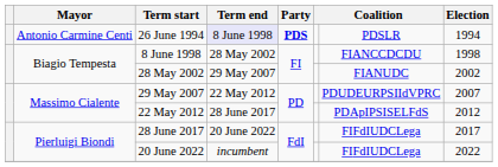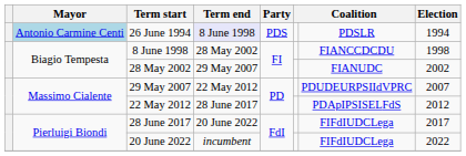 <table class="wikitable" style="text-align: center;">
 <tr>
 <th class=unsortable> </th>
 <th>Mayor</th>
 <th>Term start</th>
 <th>Term end</th>
 <th>Party</th>
 <th colspan="2">Coalition</th>
 <th>Election</th>
 </tr>
 <tr>
 <th style="background:"></th>
-<td><a href='#'>Antonio Carmine Centi</a></td>
+<td style="background: lightblue;"><a href='#'>Antonio Carmine Centi</a></td>
 <td>26 June 1994</td>
 <td style="background: lavender;">8 June 1998</td>
-<td><strong><a href='#'>PDS</a></strong></td>
+<td><a href='#'>PDS</a></td>
 <td style="background: "></td>
 <td><a href='#'>PDS</a><a href='#'>LR</a></td>
 <td>1994</td>
 </tr>
 <tr>
 <th rowspan=2 style="background:"></th>
 <td rowspan=2>Biagio Tempesta</td>
 <td>8 June 1998</td>
 <td>28 May 2002</td>
 <td rowspan=2><a href='#'>FI</a></td>
 <td style="background: "></td>
 <td><a href='#'>FI</a><a href='#'>AN</a><a href='#'>CCD</a><a href='#'>CDU</a></td>
 <td>1998</td>
 </tr>
 <tr>
 <td>28 May 2002</td>
 <td>29 May 2007</td>
 <td style="background: "></td>
 <td><a href='#'>FI</a><a href='#'>AN</a><a href='#'>UDC</a></td>
 <td>2002</td>
 </tr>
 <tr>
 <th rowspan=2 style="background:"></th>
 <td rowspan=2><a href='#'>Massimo Cialente</a></td>
 <td>29 May 2007</td>
 <td>22 May 2012</td>
 <td rowspan=2><a href='#'>PD</a></td>
 <td style="background: "></td>
 <td><a href='#'>PD</a><a href='#'>UDEUR</a><a href='#'>PSI</a><a href='#'>IdV</a><a href='#'>PRC</a></td>
 <td>2007</td>
 </tr>
 <tr>
 <td>22 May 2012</td>
 <td>28 June 2017</td>
 <td style="background: "></td>
 <td><a href='#'>PD</a><a href='#'>ApI</a><a href='#'>PSI</a><a href='#'>SEL</a><a href='#'>FdS</a></td>
 <td>2012</td>
 </tr>
 <tr>
 <th rowspan=2 style="background:"></th>
 <td rowspan=2><a href='#'>Pierluigi Biondi</a></td>
 <td>28 June 2017</td>
 <td>20 June 2022</td>
 <td rowspan=2><a href='#'>FdI</a></td>
 <td style="background:"></td>
 <td><a href='#'>FI</a><a href='#'>FdI</a><a href='#'>UDC</a><a href='#'>Lega</a></td>
 <td>2017</td>
 </tr>
 <tr>
 <td>20 June 2022</td>
 <td><em>incumbent</em></td>
 <td style="background:"></td>
 <td><a href='#'>FI</a><a href='#'>FdI</a><a href='#'>UDC</a><a href='#'>Lega</a></td>
 <td>2022</td>
 </tr>
 <tr>
 </tr>
 </table>
